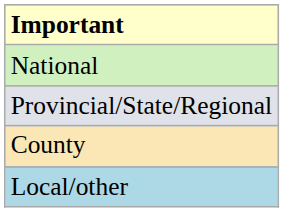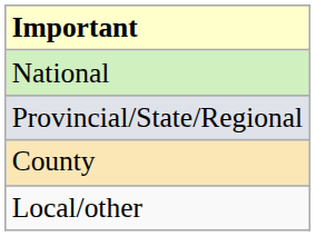 <table class="wikitable">
 <tr style="background:#ffc;">
 <td><strong>Important</strong></td>
 </tr>
 <tr style="background:#d0f0c0">
 <td>National</td>
 </tr>
 <tr style="background:#dfe2e9">
 <td>Provincial/State/Regional</td>
 </tr>
 <tr |- style="background:#fae7b5">
 <td>County</td>
 </tr>
 <tr>
-<td style="background: lightblue;">Local/other</td>
+<td>Local/other</td>
 </tr>
 </table>
